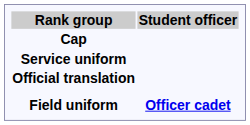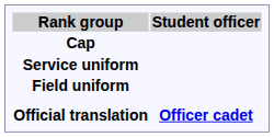 <table style="border:1px solid #8888aa; background-color:#f7f8ff; padding:5px; font-size:95%; margin: 0px 12px 12px 0px; text-align:center;">
 <tr bgcolor="#CCCCCC">
 <th>Rank group</th>
 <th>Student officer</th>
 </tr>
 <tr>
 <td><strong>Cap</strong></td>
 <td></td>
 </tr>
 <tr>
 <td><strong>Service uniform</strong></td>
 <td></td>
 </tr>
 <tr>
-<td><strong>Official translation</strong></td>
+<td><strong>Field uniform</strong></td>
 <td></td>
 </tr>
 <tr>
 <td></td>
 <td></td>
 </tr>
 <tr>
 <td colspan=2></td>
 </tr>
 <tr>
-<td><strong>Field uniform</strong></td>
+<td><strong>Official translation</strong></td>
 <td><strong><a href='#'>Officer cadet</a></strong></td>
 </tr>
 </table>
